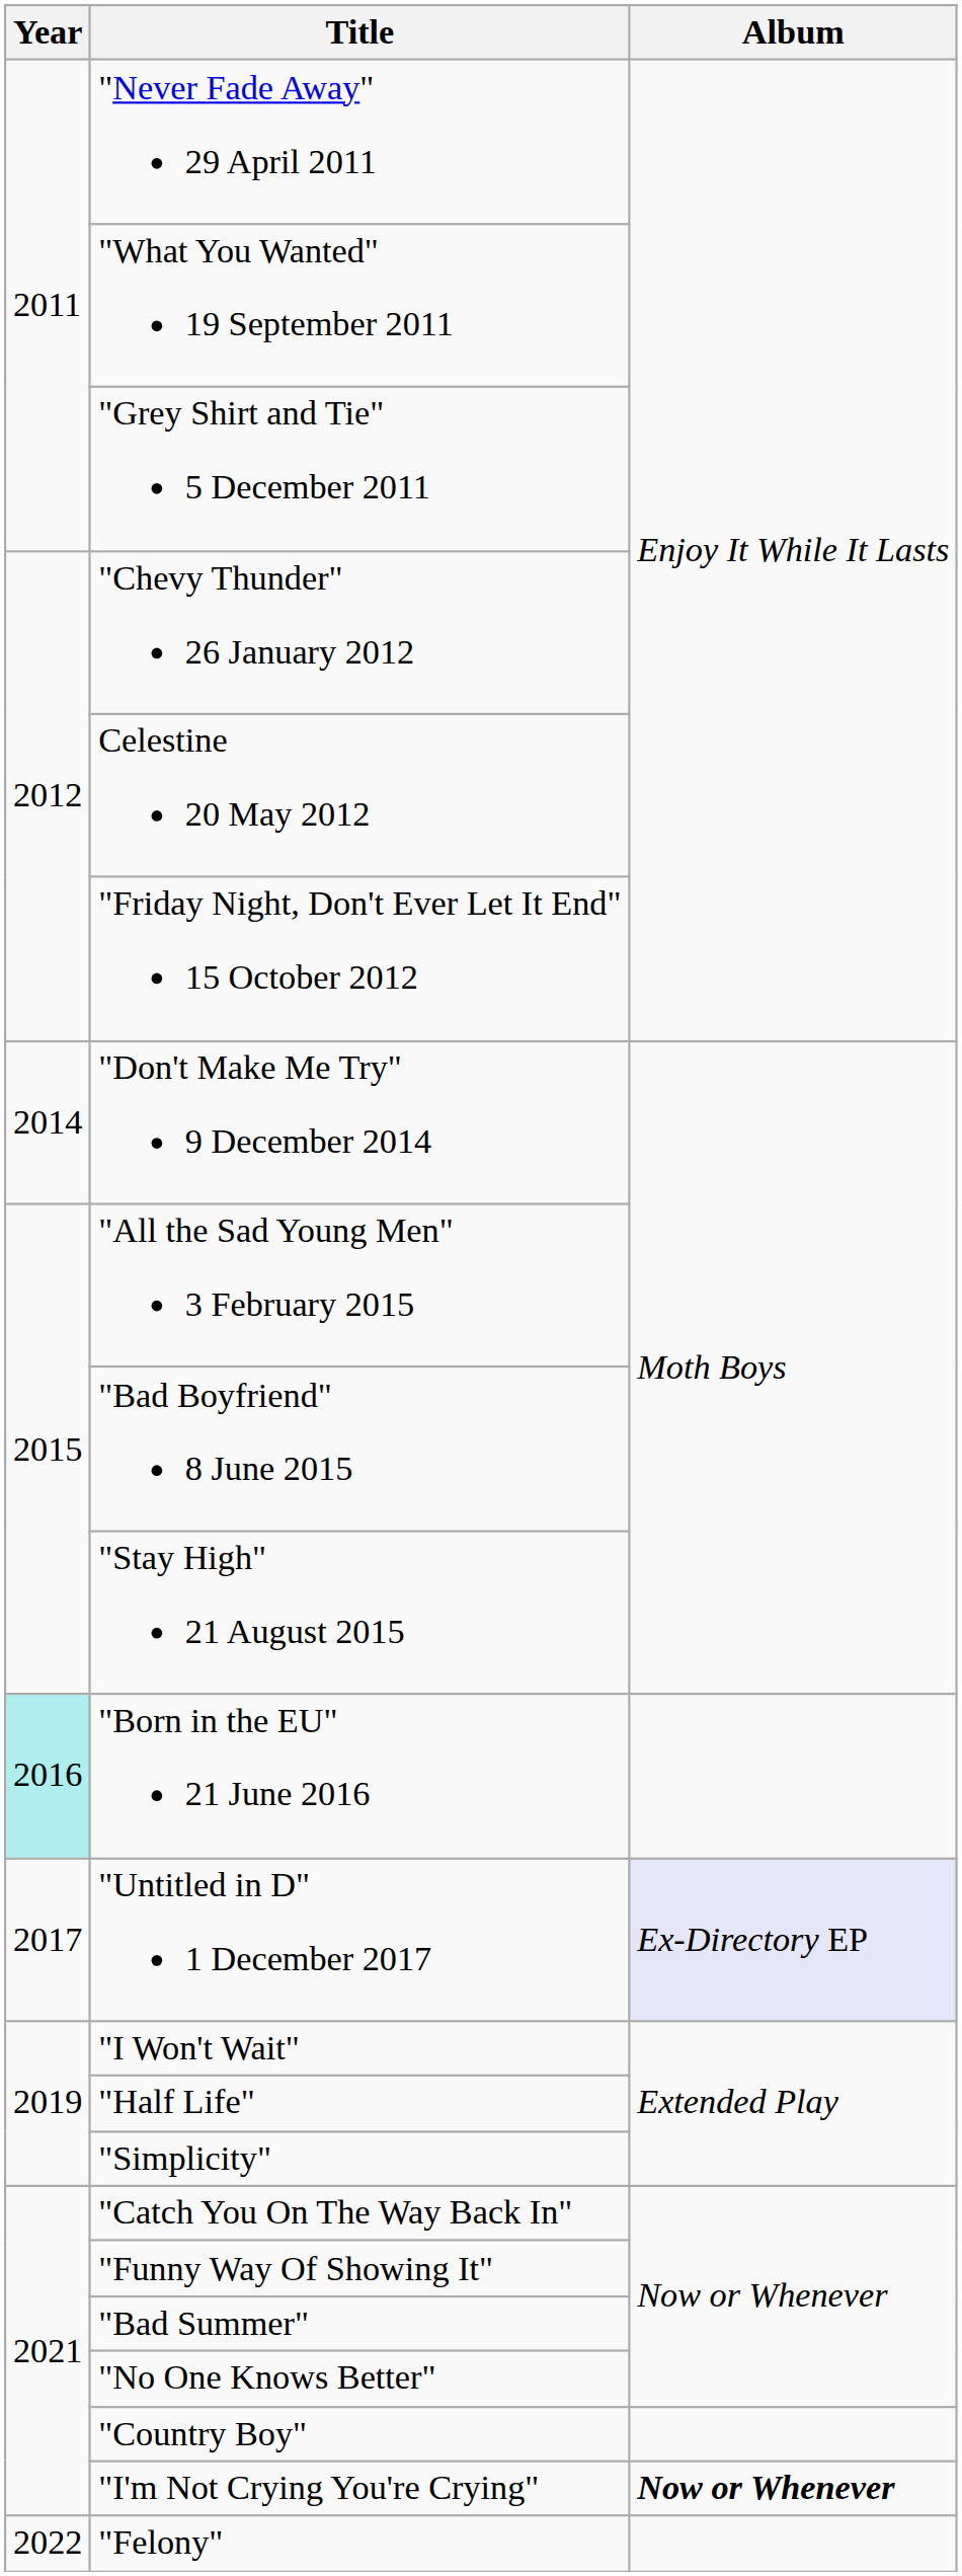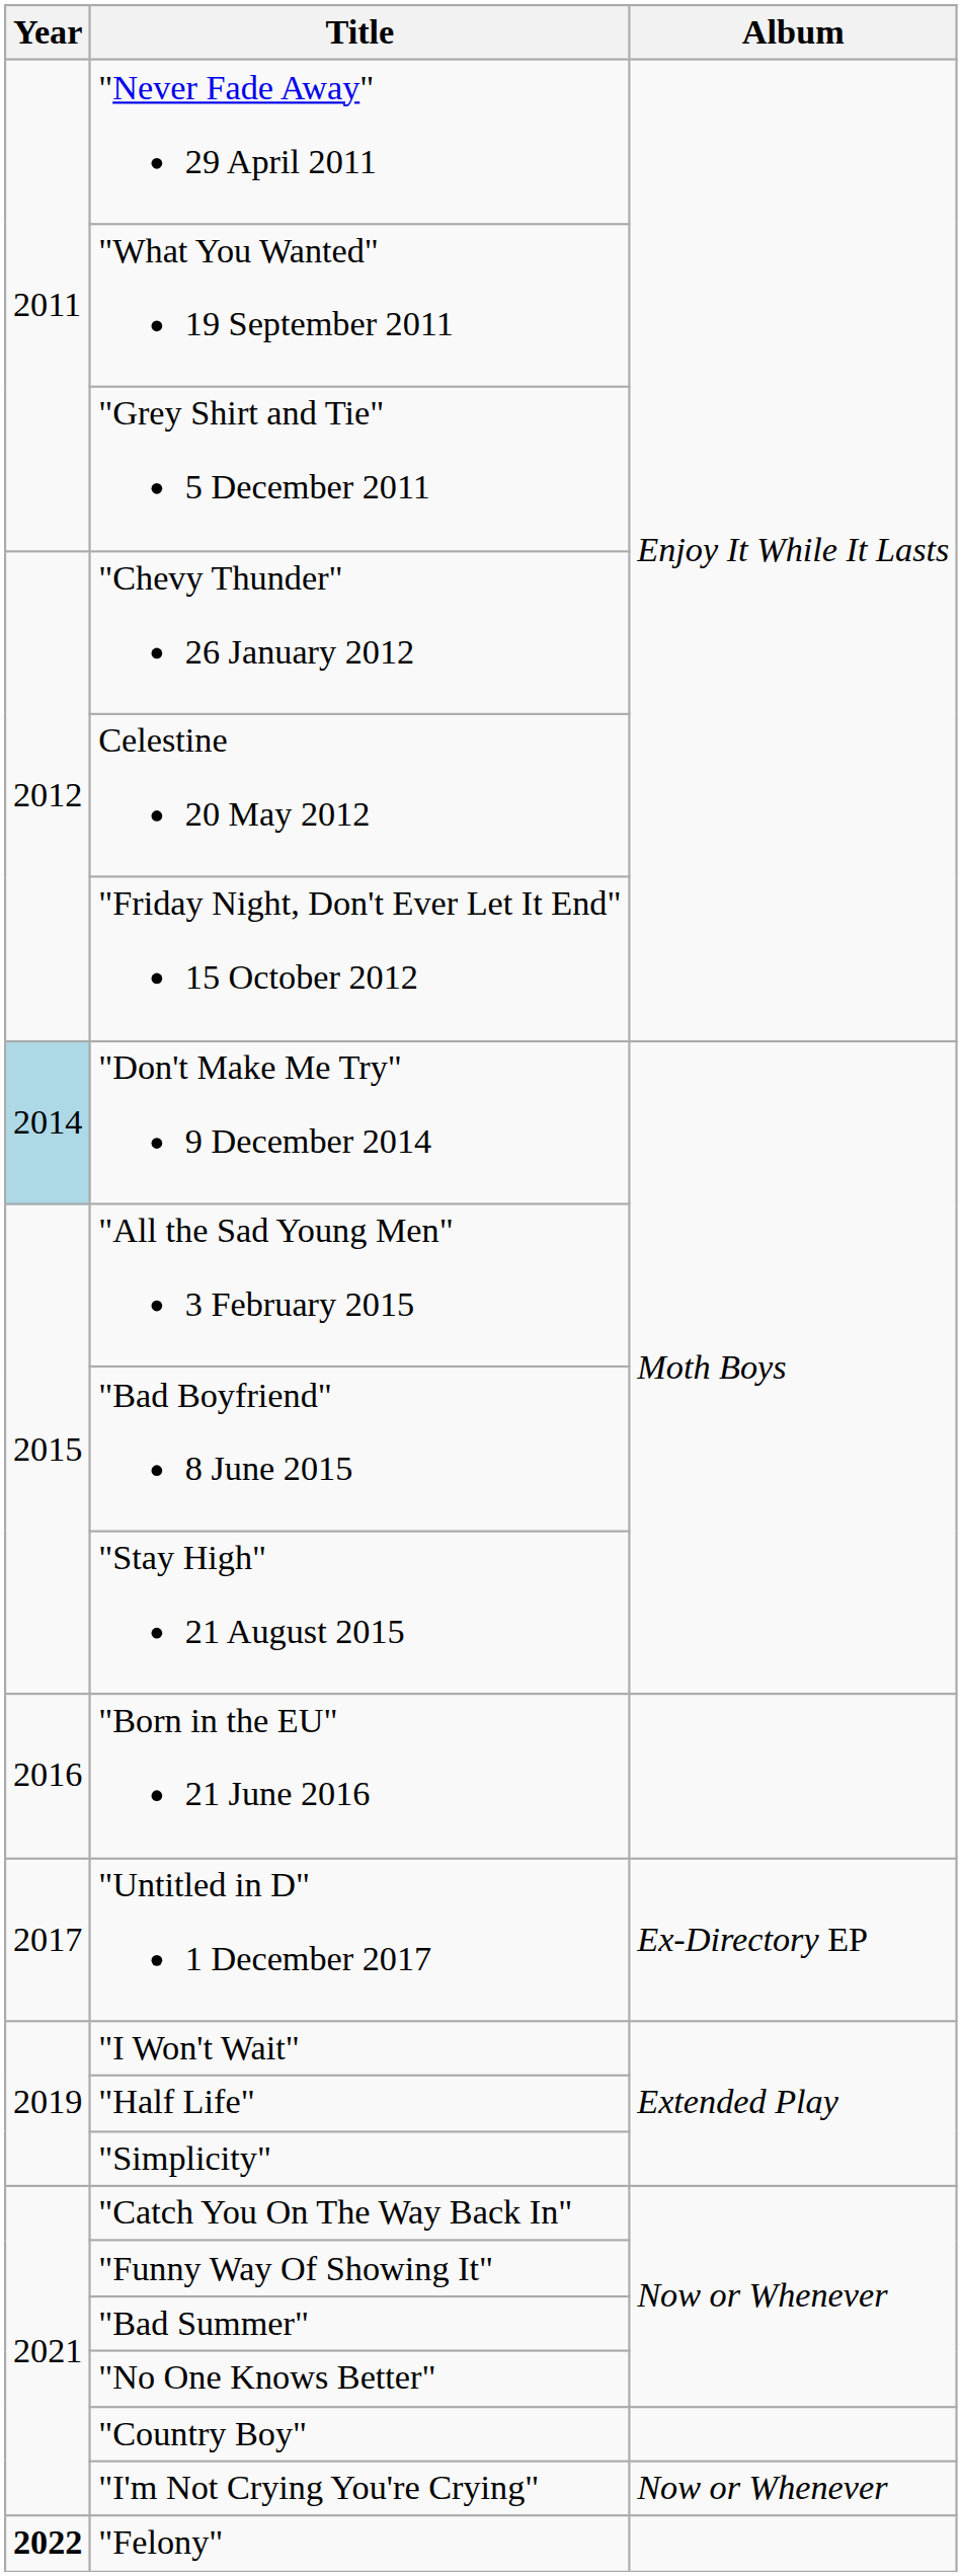 <table class="wikitable">
 <tr>
 <th>Year</th>
 <th>Title</th>
 <th>Album</th>
 </tr>
 <tr>
 <td rowspan="3">2011</td>
 <td>"<a href='#'>Never Fade Away</a>"<br><ul><li>29 April 2011</li></ul></td>
 <td rowspan="6"><em>Enjoy It While It Lasts</em></td>
 </tr>
 <tr>
 <td>"What You Wanted"<br><ul><li>19 September 2011</li></ul></td>
 </tr>
 <tr>
 <td>"Grey Shirt and Tie"<br><ul><li>5 December 2011</li></ul></td>
 </tr>
 <tr>
 <td rowspan="3">2012</td>
 <td>"Chevy Thunder"<br><ul><li>26 January 2012</li></ul></td>
 </tr>
 <tr>
 <td>Celestine<br><ul><li>20 May 2012</li></ul></td>
 </tr>
 <tr>
 <td>"Friday Night, Don't Ever Let It End"<br><ul><li>15 October 2012</li></ul></td>
 </tr>
 <tr>
-<td>2014</td>
+<td style="background: lightblue;">2014</td>
 <td>"Don't Make Me Try"<br><ul><li>9 December 2014</li></ul></td>
 <td rowspan="4"><em>Moth Boys</em></td>
 </tr>
 <tr>
 <td rowspan="3">2015</td>
 <td>"All the Sad Young Men"<br><ul><li>3 February 2015</li></ul></td>
 </tr>
 <tr>
 <td>"Bad Boyfriend"<br><ul><li>8 June 2015</li></ul></td>
 </tr>
 <tr>
 <td>"Stay High"<br><ul><li>21 August 2015</li></ul></td>
 </tr>
 <tr>
-<td style="background: paleturquoise;">2016</td>
+<td>2016</td>
 <td>"Born in the EU"<br><ul><li>21 June 2016</li></ul></td>
 <td></td>
 </tr>
 <tr>
 <td>2017</td>
 <td>"Untitled in D"<br><ul><li>1 December 2017</li></ul></td>
-<td style="background: lavender;"><em>Ex-Directory</em> EP</td>
+<td><em>Ex-Directory</em> EP</td>
 </tr>
 <tr>
 <td rowspan="3">2019</td>
 <td>"I Won't Wait"</td>
 <td rowspan="3"><em>Extended Play</em></td>
 </tr>
 <tr>
 <td>"Half Life"</td>
 </tr>
 <tr>
 <td>"Simplicity"</td>
 </tr>
 <tr>
 <td rowspan="6">2021</td>
 <td>"Catch You On The Way Back In"</td>
 <td rowspan="4"><em>Now or Whenever</em></td>
 </tr>
 <tr>
 <td>"Funny Way Of Showing It"</td>
 </tr>
 <tr>
 <td>"Bad Summer"</td>
 </tr>
 <tr>
 <td>"No One Knows Better"</td>
 </tr>
 <tr>
 <td>"Country Boy"</td>
 <td></td>
 </tr>
 <tr>
 <td>"I'm Not Crying You're Crying"</td>
-<td><strong><em>Now or Whenever</em></strong></td>
+<td><em>Now or Whenever</em></td>
 </tr>
 <tr>
-<td>2022</td>
+<td><strong>2022</strong></td>
 <td>"Felony"</td>
 <td></td>
 </tr>
 </table>
